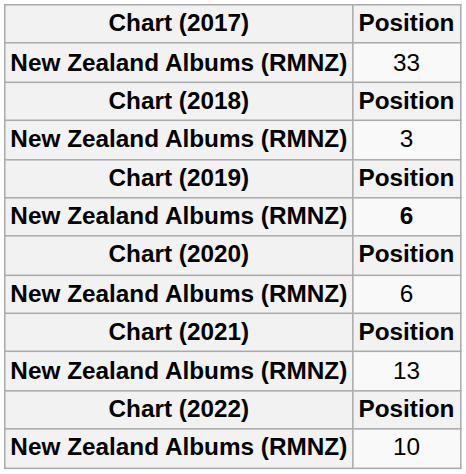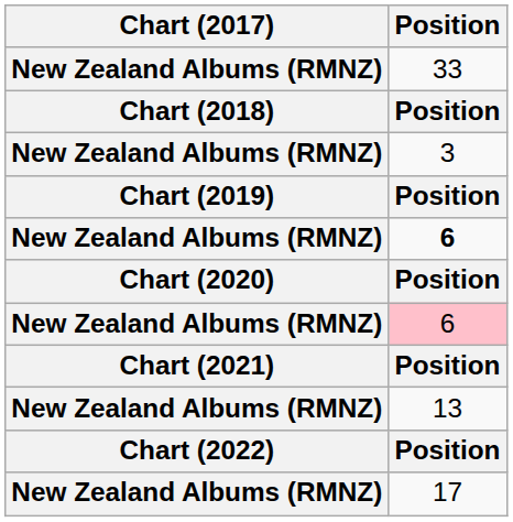 <table class="wikitable sortable plainrowheaders">
 <tr>
 <th>Chart (2017)</th>
 <th>Position</th>
 </tr>
 <tr>
 <th scope="row">New Zealand Albums (RMNZ)</th>
 <td style="text-align:center;">33</td>
 </tr>
 <tr>
 <th>Chart (2018)</th>
 <th>Position</th>
 </tr>
 <tr>
 <th scope="row">New Zealand Albums (RMNZ)</th>
 <td style="text-align:center;">3</td>
 </tr>
 <tr>
 <th>Chart (2019)</th>
 <th>Position</th>
 </tr>
 <tr>
 <th scope="row">New Zealand Albums (RMNZ)</th>
 <td style="text-align:center;"><strong>6</strong></td>
 </tr>
 <tr>
 <th>Chart (2020)</th>
 <th>Position</th>
 </tr>
 <tr>
 <th scope="row">New Zealand Albums (RMNZ)</th>
-<td style="text-align:center;">6</td>
+<td style="background: pink; text-align:center;">6</td>
 </tr>
 <tr>
 <th>Chart (2021)</th>
 <th>Position</th>
 </tr>
 <tr>
 <th scope="row">New Zealand Albums (RMNZ)</th>
 <td style="text-align:center;">13</td>
 </tr>
 <tr>
 <th>Chart (2022)</th>
 <th>Position</th>
 </tr>
 <tr>
 <th scope="row">New Zealand Albums (RMNZ)</th>
-<td style="text-align:center;">10</td>
+<td style="text-align:center;">17</td>
 </tr>
 </table>
